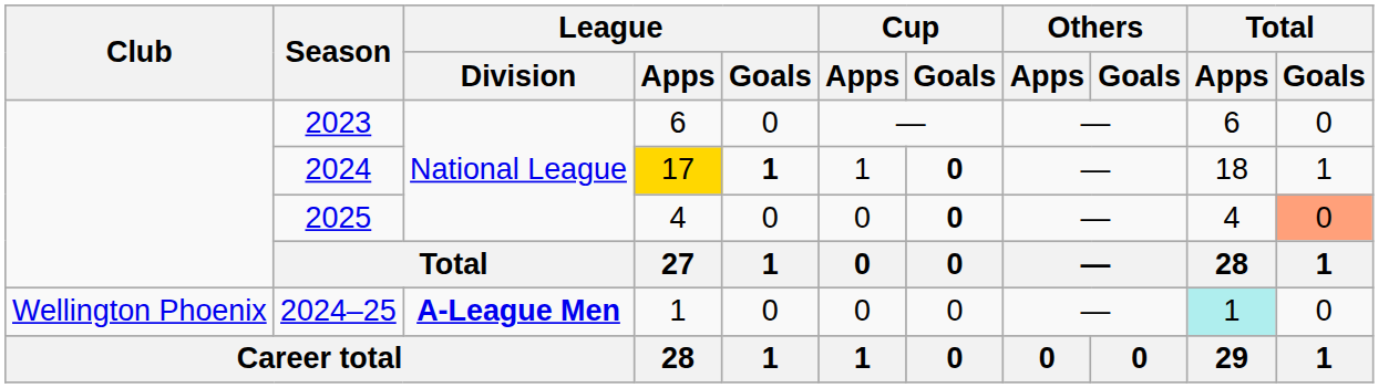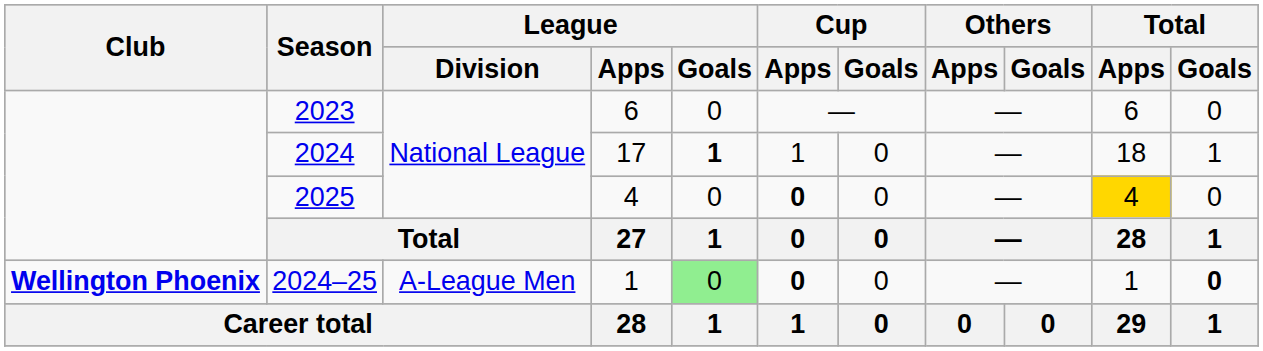 <table class="wikitable" style="text-align: center;">
 <tr>
 <th rowspan=2>Club</th>
 <th rowspan=2>Season</th>
 <th colspan=3>League</th>
 <th colspan=2>Cup</th>
 <th colspan=2>Others</th>
 <th colspan=2>Total</th>
 </tr>
 <tr>
 <th>Division</th>
 <th>Apps</th>
 <th>Goals</th>
 <th>Apps</th>
 <th>Goals</th>
 <th>Apps</th>
 <th>Goals</th>
 <th>Apps</th>
 <th>Goals</th>
 </tr>
 <tr>
 <td rowspan=4></td>
 <td><a href='#'>2023</a></td>
 <td rowspan=3><a href='#'>National League</a></td>
 <td>6</td>
 <td>0</td>
 <td colspan=2>—</td>
 <td colspan=2>—</td>
 <td>6</td>
 <td>0</td>
 </tr>
 <tr>
 <td><a href='#'>2024</a></td>
-<td style="background: gold;">17</td>
+<td>17</td>
 <td><strong>1</strong></td>
 <td>1</td>
-<td><strong>0</strong></td>
+<td>0</td>
 <td colspan=2>—</td>
 <td>18</td>
 <td>1</td>
 </tr>
 <tr>
 <td><a href='#'>2025</a></td>
 <td>4</td>
 <td>0</td>
+<td><strong>0</strong></td>
 <td>0</td>
-<td><strong>0</strong></td>
 <td colspan=2>—</td>
-<td>4</td>
-<td style="background: lightsalmon;">0</td>
+<td style="background: gold;">4</td>
+<td>0</td>
 </tr>
 <tr>
 <th colspan=2>Total</th>
 <th>27</th>
 <th>1</th>
 <th>0</th>
 <th>0</th>
 <th colspan=2>—</th>
 <th>28</th>
 <th>1</th>
 </tr>
 <tr>
-<td rowspan=1><a href='#'>Wellington Phoenix</a></td>
+<td rowspan=1><strong><a href='#'>Wellington Phoenix</a></strong></td>
 <td><a href='#'>2024–25</a></td>
-<td rowspan=1><strong><a href='#'>A-League Men</a></strong></td>
+<td rowspan=1><a href='#'>A-League Men</a></td>
 <td>1</td>
-<td>0</td>
-<td>0</td>
+<td style="background: lightgreen;">0</td>
+<td><strong>0</strong></td>
 <td>0</td>
 <td colspan=2>—</td>
-<td style="background: paleturquoise;">1</td>
-<td>0</td>
+<td>1</td>
+<td><strong>0</strong></td>
 </tr>
 <tr>
 <th colspan=3>Career total</th>
 <th>28</th>
 <th>1</th>
 <th>1</th>
 <th>0</th>
 <th>0</th>
 <th>0</th>
 <th>29</th>
 <th>1</th>
 </tr>
 </table>
